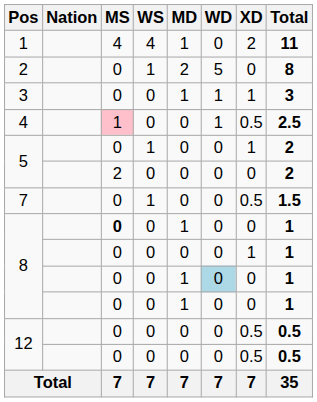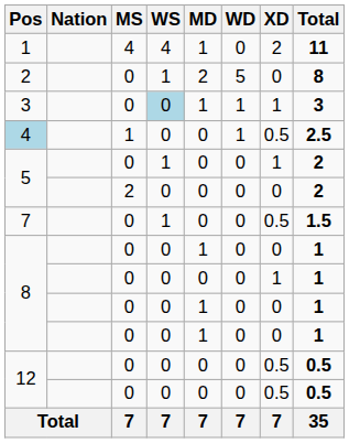 <table class="wikitable" style="text-align:center">
 <tr>
 <th width="20">Pos</th>
 <th>Nation</th>
 <th width="20">MS</th>
 <th width="20">WS</th>
 <th width="20">MD</th>
 <th width="20">WD</th>
 <th width="20">XD</th>
 <th>Total</th>
 </tr>
 <tr>
 <td>1</td>
 <td align=left></td>
 <td>4</td>
 <td>4</td>
 <td>1</td>
 <td>0</td>
 <td>2</td>
 <td><strong>11</strong></td>
 </tr>
 <tr>
 <td>2</td>
 <td align=left></td>
 <td>0</td>
 <td>1</td>
 <td>2</td>
 <td>5</td>
 <td>0</td>
 <td><strong>8</strong></td>
 </tr>
 <tr>
 <td>3</td>
 <td align=left></td>
 <td>0</td>
-<td>0</td>
+<td style="background: lightblue;">0</td>
 <td>1</td>
 <td>1</td>
 <td>1</td>
 <td><strong>3</strong></td>
 </tr>
 <tr>
-<td>4</td>
+<td style="background: lightblue;">4</td>
 <td align=left></td>
-<td style="background: pink;">1</td>
+<td>1</td>
 <td>0</td>
 <td>0</td>
 <td>1</td>
 <td>0.5</td>
 <td><strong>2.5</strong></td>
 </tr>
 <tr>
 <td rowspan=2>5</td>
 <td align=left></td>
 <td>0</td>
 <td>1</td>
 <td>0</td>
 <td>0</td>
 <td>1</td>
 <td><strong>2</strong></td>
 </tr>
 <tr>
 <td align=left></td>
 <td>2</td>
 <td>0</td>
 <td>0</td>
 <td>0</td>
 <td>0</td>
 <td><strong>2</strong></td>
 </tr>
 <tr>
 <td>7</td>
 <td align=left></td>
 <td>0</td>
 <td>1</td>
 <td>0</td>
 <td>0</td>
 <td>0.5</td>
 <td><strong>1.5</strong></td>
 </tr>
 <tr>
 <td rowspan=4>8</td>
 <td align=left></td>
-<td><strong>0</strong></td>
+<td>0</td>
 <td>0</td>
 <td>1</td>
 <td>0</td>
 <td>0</td>
 <td><strong>1</strong></td>
 </tr>
 <tr>
 <td align=left></td>
 <td>0</td>
 <td>0</td>
 <td>0</td>
 <td>0</td>
 <td>1</td>
 <td><strong>1</strong></td>
 </tr>
 <tr>
 <td align=left></td>
 <td>0</td>
 <td>0</td>
 <td>1</td>
-<td style="background: lightblue;">0</td>
+<td>0</td>
 <td>0</td>
 <td><strong>1</strong></td>
 </tr>
 <tr>
 <td align=left></td>
 <td>0</td>
 <td>0</td>
 <td>1</td>
 <td>0</td>
 <td>0</td>
 <td><strong>1</strong></td>
 </tr>
 <tr>
 <td rowspan=2>12</td>
 <td align=left></td>
 <td>0</td>
 <td>0</td>
 <td>0</td>
 <td>0</td>
 <td>0.5</td>
 <td><strong>0.5</strong></td>
 </tr>
 <tr>
 <td align=left></td>
 <td>0</td>
 <td>0</td>
 <td>0</td>
 <td>0</td>
 <td>0.5</td>
 <td><strong>0.5</strong></td>
 </tr>
 <tr>
 <th colspan=2 align=center>Total</th>
 <th>7</th>
 <th>7</th>
 <th>7</th>
 <th>7</th>
 <th>7</th>
 <th>35</th>
 </tr>
 </table>
